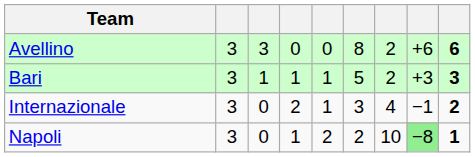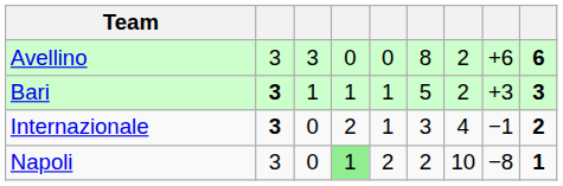 <table class="wikitable" style="text-align: center;">
 <tr>
 <th width=175>Team</th>
 <th width=20></th>
 <th width=20></th>
 <th width=20></th>
 <th width=20></th>
 <th width=20></th>
 <th width=20></th>
 <th width=20></th>
 <th width=20></th>
 </tr>
 <tr bgcolor="#ccffcc">
 <td align=left><a href='#'>Avellino</a></td>
 <td>3</td>
 <td>3</td>
 <td>0</td>
 <td>0</td>
 <td>8</td>
 <td>2</td>
 <td>+6</td>
 <td><strong>6</strong></td>
 </tr>
 <tr bgcolor="#ccffcc">
 <td align=left><a href='#'>Bari</a></td>
-<td>3</td>
+<td><strong>3</strong></td>
 <td>1</td>
 <td>1</td>
 <td>1</td>
 <td>5</td>
 <td>2</td>
 <td>+3</td>
 <td><strong>3</strong></td>
 </tr>
 <tr>
 <td align=left><a href='#'>Internazionale</a></td>
-<td>3</td>
+<td><strong>3</strong></td>
 <td>0</td>
 <td>2</td>
 <td>1</td>
 <td>3</td>
 <td>4</td>
 <td>−1</td>
 <td><strong>2</strong></td>
 </tr>
 <tr>
 <td align=left><a href='#'>Napoli</a></td>
 <td>3</td>
 <td>0</td>
-<td>1</td>
+<td style="background: lightgreen;">1</td>
 <td>2</td>
 <td>2</td>
 <td>10</td>
-<td style="background: lightgreen;">−8</td>
+<td>−8</td>
 <td><strong>1</strong></td>
 </tr>
 </table>
